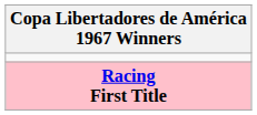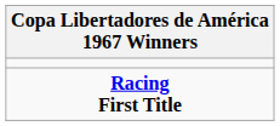 <table class="wikitable" style="text-align: center; margin: 0 auto;">
 <tr>
 <th>Copa Libertadores de América<br>1967 Winners</th>
 </tr>
 <tr>
 <td></td>
 </tr>
 <tr>
-<td style="background: pink;"><strong><a href='#'>Racing</a></strong><br><strong>First Title</strong></td>
+<td><strong><a href='#'>Racing</a></strong><br><strong>First Title</strong></td>
 </tr>
 </table>
